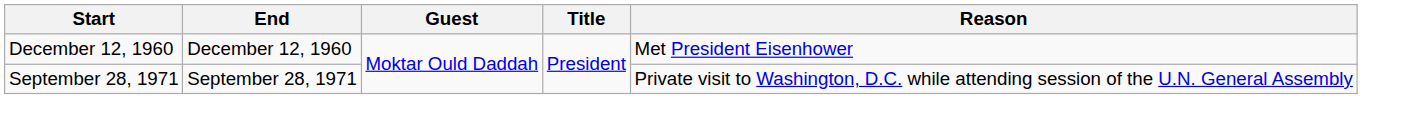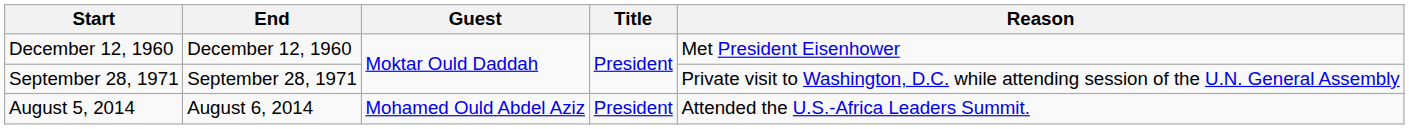 <table class="wikitable sortable">
 <tr>
 <th>Start</th>
 <th>End</th>
 <th>Guest</th>
 <th>Title</th>
 <th>Reason</th>
 </tr>
 <tr>
 <td>December 12, 1960</td>
 <td>December 12, 1960</td>
 <td rowspan=2><a href='#'>Moktar Ould Daddah</a></td>
 <td rowspan=2><a href='#'>President</a></td>
 <td>Met <a href='#'>President Eisenhower</a></td>
 </tr>
 <tr>
 <td>September 28, 1971</td>
 <td>September 28, 1971</td>
 <td>Private visit to <a href='#'>Washington, D.C.</a> while attending session of the <a href='#'>U.N. General Assembly</a></td>
 </tr>
+<tr>
+<td>August 5, 2014</td>
+<td>August 6, 2014</td>
+<td><a href='#'>Mohamed Ould Abdel Aziz</a></td>
+<td><a href='#'>President</a></td>
+<td>Attended the <a href='#'>U.S.-Africa Leaders Summit.</a></td>
+</tr>
 </table>
